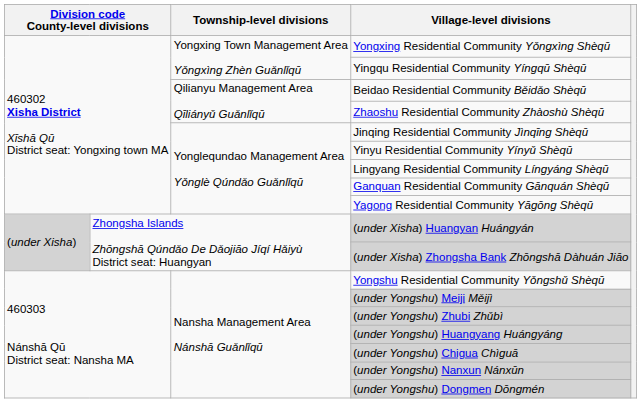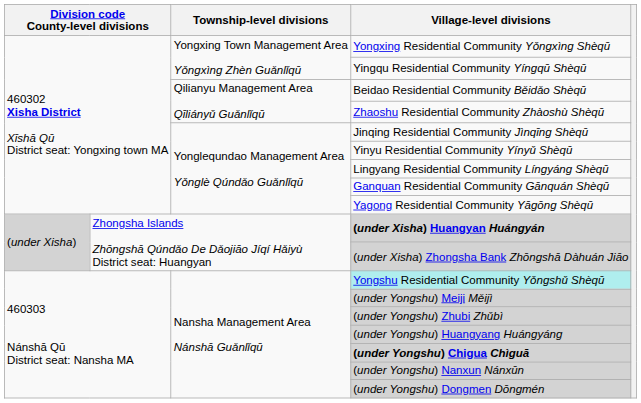 <table class="wikitable" style="font-size: 90%;">
 <tr>
 <th colspan="2"><a href='#'>Division code</a><br>County-level divisions</th>
 <th>Township-level divisions</th>
 <th>Village-level divisions</th>
 <th rowspan=19></th>
 </tr>
 <tr>
 <td rowspan="9" colspan="2">460302<br><strong><a href='#'>Xisha District</a></strong><br><br><em>Xīshā Qū</em><br>District seat: Yongxing town MA</td>
 <td rowspan="2">Yongxing Town Management Area<br><br><em>Yǒngxìng Zhèn Guǎnlǐqū</em></td>
 <td><a href='#'>Yongxing</a> Residential Community  <em>Yǒngxìng Shèqū</em></td>
 </tr>
 <tr>
 <td>Yingqu Residential Community  <em>Yíngqū Shèqū</em></td>
 </tr>
 <tr>
 <td rowspan="2">Qilianyu Management Area<br><br><em>Qīliányǔ Guǎnlǐqū</em></td>
 <td>Beidao Residential Community  <em>Běidǎo Shèqū</em></td>
 </tr>
 <tr>
 <td><a href='#'>Zhaoshu</a> Residential Community  <em>Zhàoshù Shèqū</em></td>
 </tr>
 <tr>
 <td rowspan="5">Yonglequndao Management Area<br><br><em>Yǒnglè Qúndǎo Guǎnlǐqū</em></td>
 <td>Jinqing Residential Community  <em>Jìnqīng Shèqū</em></td>
 </tr>
 <tr>
 <td>Yinyu Residential Community  <em>Yínyǔ Shèqū</em></td>
 </tr>
 <tr>
 <td>Lingyang Residential Community  <em>Língyáng Shèqū</em></td>
 </tr>
 <tr>
 <td><a href='#'>Ganquan</a> Residential Community  <em>Gānquán Shèqū</em></td>
 </tr>
 <tr>
 <td><a href='#'>Yagong</a> Residential Community  <em>Yāgōng Shèqū</em></td>
 </tr>
 <tr>
 <td rowspan="2" bgcolor="lightgrey" width="100px">(<em>under Xisha</em>)</td>
 <td rowspan="2" colspan="2"><a href='#'>Zhongsha Islands</a><br><br><em>Zhōngshā Qúndǎo De Dǎojiāo Jíqí Hǎiyù</em><br>District seat: Huangyan</td>
-<td bgcolor="lightgrey">(<em>under Xisha</em>) <a href='#'>Huangyan</a>  <em>Huángyán</em></td>
+<td bgcolor="lightgrey"><strong>(<em>under Xisha</em>) <a href='#'>Huangyan</a>  <em>Huángyán</em></strong></td>
 </tr>
 <tr>
 <td bgcolor="lightgrey">(<em>under Xisha</em>) <a href='#'>Zhongsha Bank</a>  <em>Zhōngshā Dàhuán Jiāo</em></td>
 </tr>
 <tr>
 <td rowspan="7" colspan="2">460303<br><br><br>Nánshā Qū<br>District seat: Nansha MA</td>
 <td rowspan="7">Nansha Management Area<br><br><em>Nánshā Guǎnlǐqū</em></td>
-<td><a href='#'>Yongshu</a> Residential Community  <em>Yǒngshǔ Shèqū</em></td>
+<td style="background: paleturquoise;"><a href='#'>Yongshu</a> Residential Community  <em>Yǒngshǔ Shèqū</em></td>
 </tr>
 <tr>
 <td bgcolor="lightgrey">(<em>under Yongshu</em>) <a href='#'>Meiji</a>  <em>Měijì</em></td>
 </tr>
 <tr>
 <td bgcolor="lightgrey">(<em>under Yongshu</em>) <a href='#'>Zhubi</a>  <em>Zhǔbì</em></td>
 </tr>
 <tr>
 <td bgcolor="lightgrey">(<em>under Yongshu</em>) <a href='#'>Huangyang</a>  <em>Huángyáng</em></td>
 </tr>
 <tr>
-<td bgcolor="lightgrey">(<em>under Yongshu</em>) <a href='#'>Chigua</a>  <em>Chìguā</em></td>
+<td bgcolor="lightgrey"><strong>(<em>under Yongshu</em>) <a href='#'>Chigua</a>  <em>Chìguā</em></strong></td>
 </tr>
 <tr>
 <td bgcolor="lightgrey">(<em>under Yongshu</em>) <a href='#'>Nanxun</a>  <em>Nánxūn</em></td>
 </tr>
 <tr>
 <td bgcolor="lightgrey">(<em>under Yongshu</em>) <a href='#'>Dongmen</a>  <em>Dōngmén</em></td>
 </tr>
 </table>
